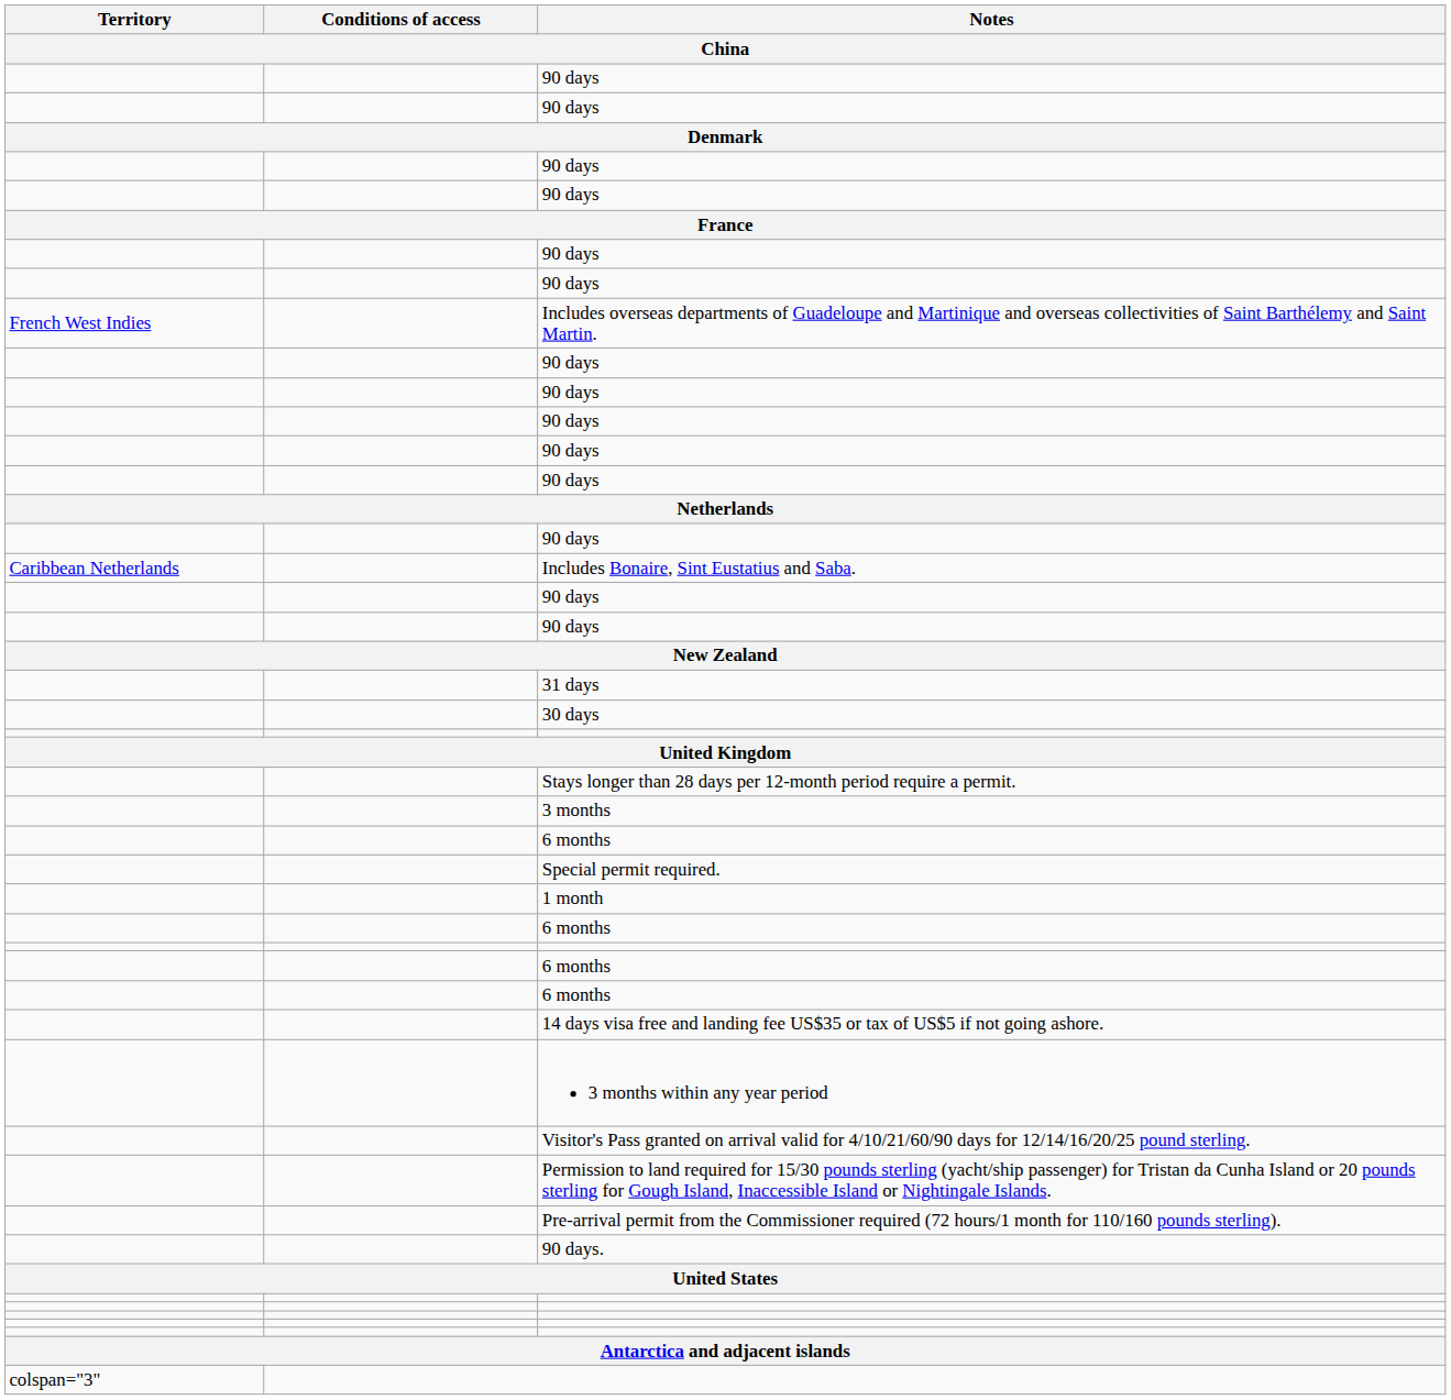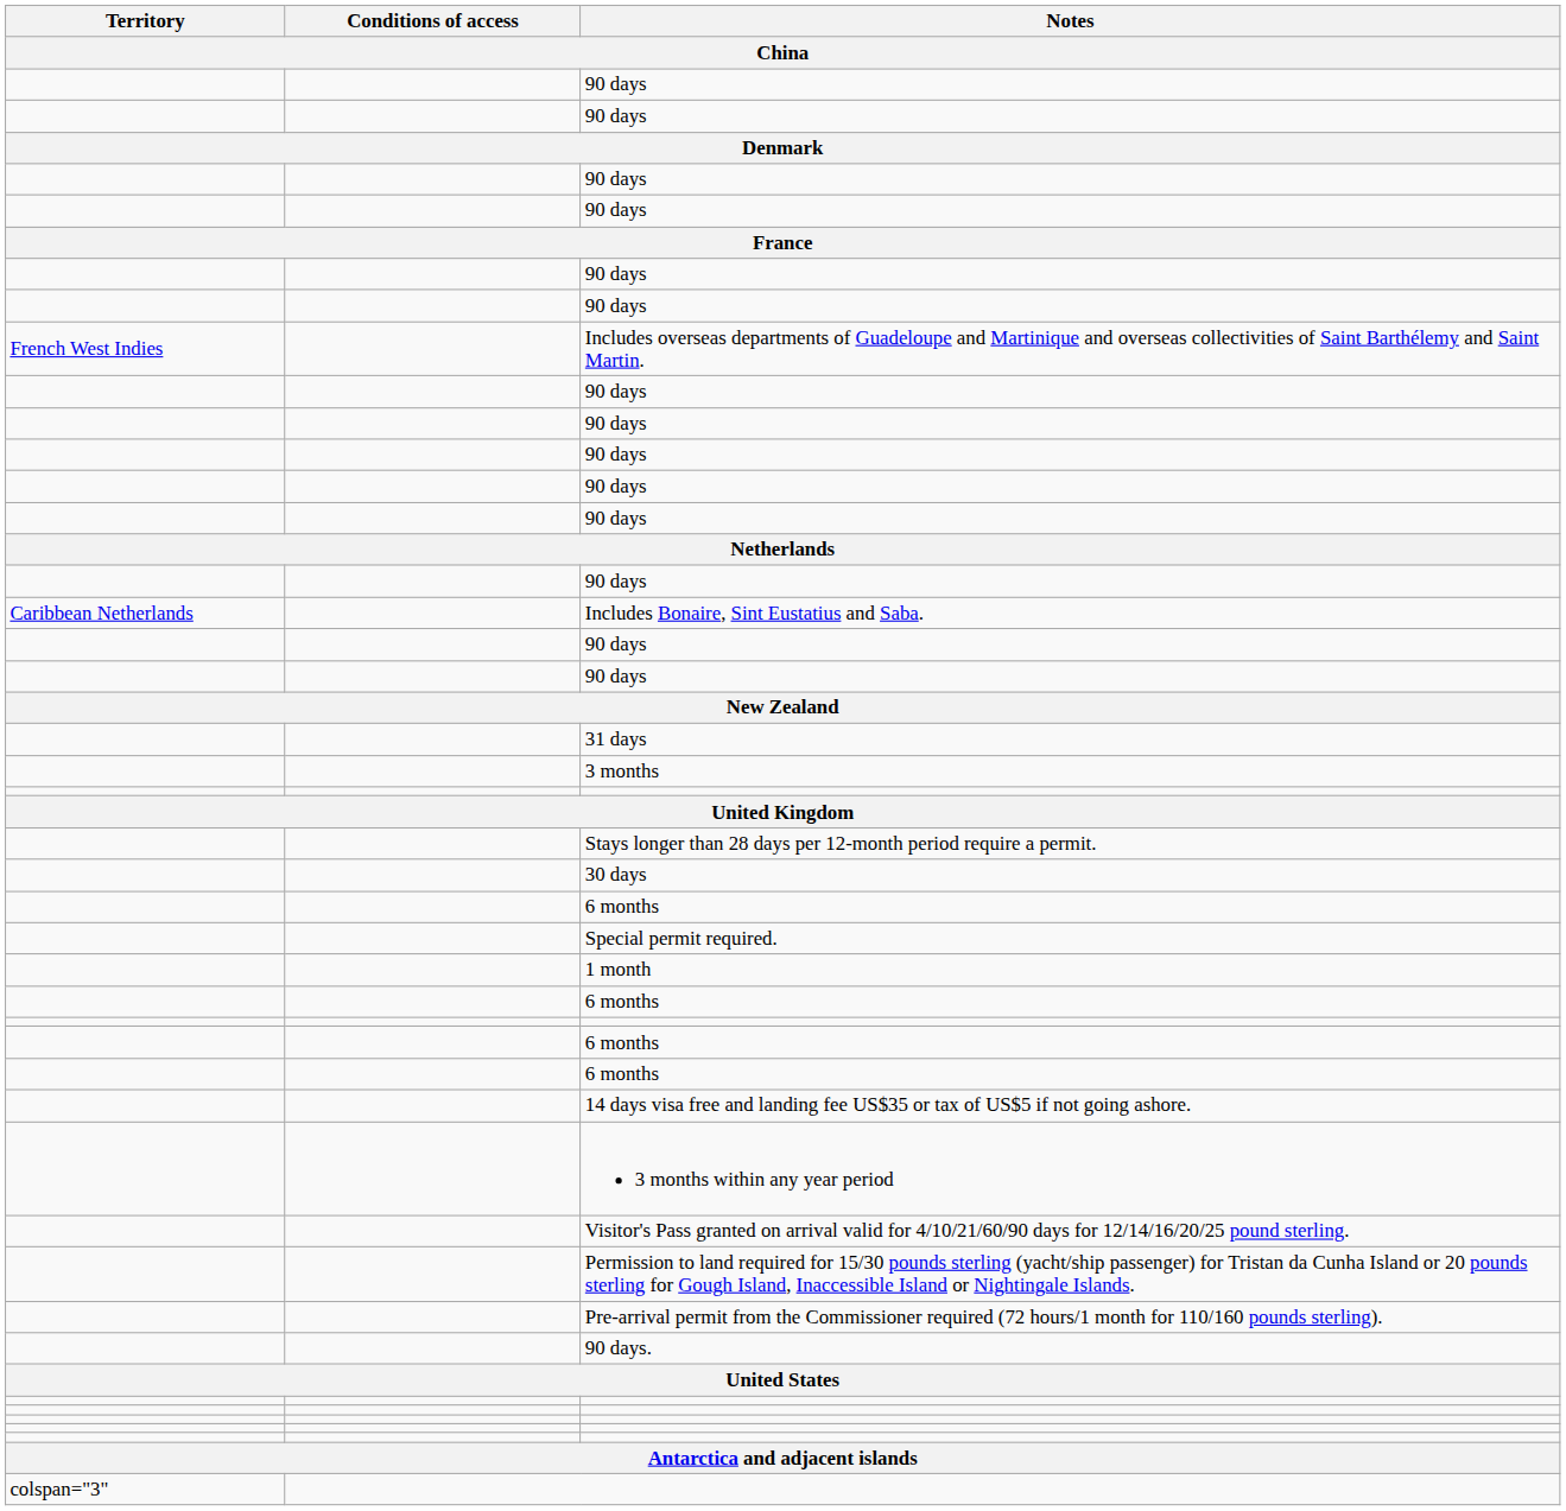 <table class="wikitable" style="text-align: left; table-layout: fixed;">
 <tr>
 <th style="width:18%;">Territory</th>
 <th style="width:19%;">Conditions of access</th>
 <th>Notes</th>
 </tr>
 <tr>
 <th colspan="3">China</th>
 </tr>
 <tr>
 <td></td>
 <td></td>
 <td>90 days</td>
 </tr>
 <tr>
 <td></td>
 <td></td>
 <td>90 days</td>
 </tr>
 <tr>
 <th colspan="3">Denmark</th>
 </tr>
 <tr>
 <td></td>
 <td></td>
 <td>90 days</td>
 </tr>
 <tr>
 <td></td>
 <td></td>
 <td>90 days</td>
 </tr>
 <tr>
 <th colspan="3">France</th>
 </tr>
 <tr>
 <td></td>
 <td></td>
 <td>90 days</td>
 </tr>
 <tr>
 <td></td>
 <td></td>
 <td>90 days</td>
 </tr>
 <tr>
 <td> <a href='#'>French West Indies</a></td>
 <td></td>
 <td>Includes overseas departments of <a href='#'>Guadeloupe</a> and <a href='#'>Martinique</a> and overseas collectivities of <a href='#'>Saint Barthélemy</a> and <a href='#'>Saint Martin</a>.</td>
 </tr>
 <tr>
 <td></td>
 <td></td>
 <td>90 days</td>
 </tr>
 <tr>
 <td></td>
 <td></td>
 <td>90 days</td>
 </tr>
 <tr>
 <td></td>
 <td></td>
 <td>90 days</td>
 </tr>
 <tr>
 <td></td>
 <td></td>
 <td>90 days</td>
 </tr>
 <tr>
 <td></td>
 <td></td>
 <td>90 days</td>
 </tr>
 <tr>
 <th colspan="3">Netherlands</th>
 </tr>
 <tr>
 <td></td>
 <td></td>
 <td>90 days</td>
 </tr>
 <tr>
 <td> <a href='#'>Caribbean Netherlands</a></td>
 <td></td>
 <td>Includes <a href='#'>Bonaire</a>, <a href='#'>Sint Eustatius</a> and <a href='#'>Saba</a>.</td>
 </tr>
 <tr>
 <td></td>
 <td></td>
 <td>90 days</td>
 </tr>
 <tr>
 <td></td>
 <td></td>
 <td>90 days</td>
 </tr>
 <tr>
 <th colspan="3">New Zealand</th>
 </tr>
 <tr>
 <td></td>
 <td></td>
 <td>31 days</td>
 </tr>
 <tr>
 <td></td>
 <td></td>
-<td>30 days</td>
+<td>3 months</td>
 </tr>
 <tr>
 <td></td>
 <td></td>
 <td></td>
 </tr>
 <tr>
 <th colspan="3">United Kingdom</th>
 </tr>
 <tr>
 <td></td>
 <td></td>
 <td>Stays longer than 28 days per 12-month period require a permit.</td>
 </tr>
 <tr>
 <td></td>
 <td></td>
-<td>3 months</td>
+<td>30 days</td>
 </tr>
 <tr>
 <td></td>
 <td></td>
 <td>6 months</td>
 </tr>
 <tr>
 <td></td>
 <td></td>
 <td>Special permit required.</td>
 </tr>
 <tr>
 <td></td>
 <td></td>
 <td>1 month</td>
 </tr>
 <tr>
 <td></td>
 <td></td>
 <td>6 months</td>
 </tr>
 <tr>
 <td></td>
 <td></td>
 <td></td>
 </tr>
 <tr>
 <td></td>
 <td></td>
 <td>6 months</td>
 </tr>
 <tr>
 <td></td>
 <td></td>
 <td>6 months</td>
 </tr>
 <tr>
 <td></td>
 <td></td>
 <td>14 days visa free and landing fee US$35 or tax of US$5 if not going ashore.</td>
 </tr>
 <tr>
 <td></td>
 <td></td>
 <td><br><ul><li>3 months within any year period</li></ul></td>
 </tr>
 <tr>
 <td></td>
 <td></td>
 <td>Visitor's Pass granted on arrival valid for 4/10/21/60/90 days for 12/14/16/20/25 <a href='#'>pound sterling</a>.</td>
 </tr>
 <tr>
 <td></td>
 <td></td>
 <td>Permission to land required for 15/30 <a href='#'>pounds sterling</a> (yacht/ship passenger) for Tristan da Cunha Island or 20 <a href='#'>pounds sterling</a> for <a href='#'>Gough Island</a>, <a href='#'>Inaccessible Island</a> or <a href='#'>Nightingale Islands</a>.</td>
 </tr>
 <tr>
 <td></td>
 <td></td>
 <td>Pre-arrival permit from the Commissioner required (72 hours/1 month for 110/160 <a href='#'>pounds sterling</a>).</td>
 </tr>
 <tr>
 <td></td>
 <td></td>
 <td>90 days.</td>
 </tr>
 <tr>
 <th colspan="3">United States</th>
 </tr>
 <tr>
 <td></td>
 <td></td>
 <td></td>
 </tr>
 <tr>
 <td></td>
 <td></td>
 <td></td>
 </tr>
 <tr>
 <td></td>
 <td></td>
 <td></td>
 </tr>
 <tr>
 <td></td>
 <td></td>
 <td></td>
 </tr>
 <tr>
 <td></td>
 <td></td>
 <td></td>
 </tr>
 <tr>
 <th colspan="3"><a href='#'>Antarctica</a> and adjacent islands</th>
 </tr>
 <tr>
 <td>colspan="3" </td>
 </tr>
 </table>
